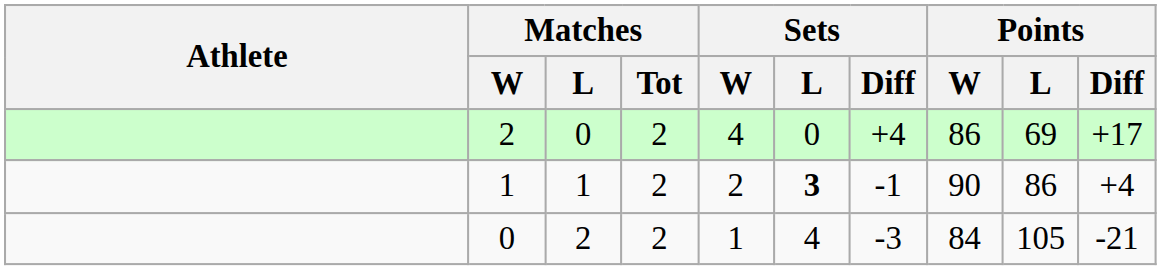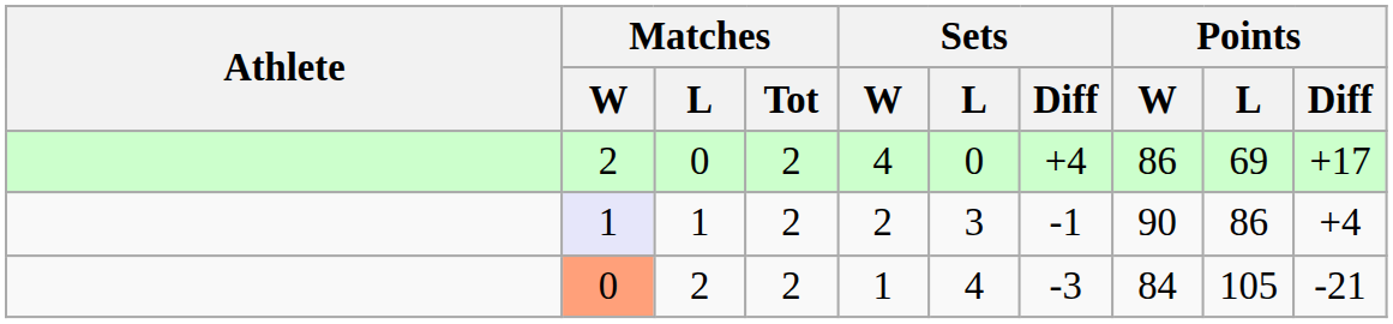 <table class=wikitable style="text-align:center">
 <tr>
 <th rowspan=2 width=220>Athlete</th>
 <th colspan=3 width=90>Matches</th>
 <th colspan=3 width=90>Sets</th>
 <th colspan=3 width=90>Points</th>
 </tr>
 <tr>
 <th width=30>W</th>
 <th width=30>L</th>
 <th width=30>Tot</th>
 <th width=30>W</th>
 <th width=30>L</th>
 <th width=30>Diff</th>
 <th width=30>W</th>
 <th width=30>L</th>
 <th width=30>Diff</th>
 </tr>
 <tr bgcolor=ccffcc>
 <td style="text-align:left"></td>
 <td>2</td>
 <td>0</td>
 <td>2</td>
 <td>4</td>
 <td>0</td>
 <td>+4</td>
 <td>86</td>
 <td>69</td>
 <td>+17</td>
 </tr>
 <tr>
 <td style="text-align:left"></td>
-<td>1</td>
+<td style="background: lavender;">1</td>
 <td>1</td>
 <td>2</td>
 <td>2</td>
-<td><strong>3</strong></td>
+<td>3</td>
 <td>-1</td>
 <td>90</td>
 <td>86</td>
 <td>+4</td>
 </tr>
 <tr>
 <td style="text-align:left"></td>
-<td>0</td>
+<td style="background: lightsalmon;">0</td>
 <td>2</td>
 <td>2</td>
 <td>1</td>
 <td>4</td>
 <td>-3</td>
 <td>84</td>
 <td>105</td>
 <td>-21</td>
 </tr>
 </table>
